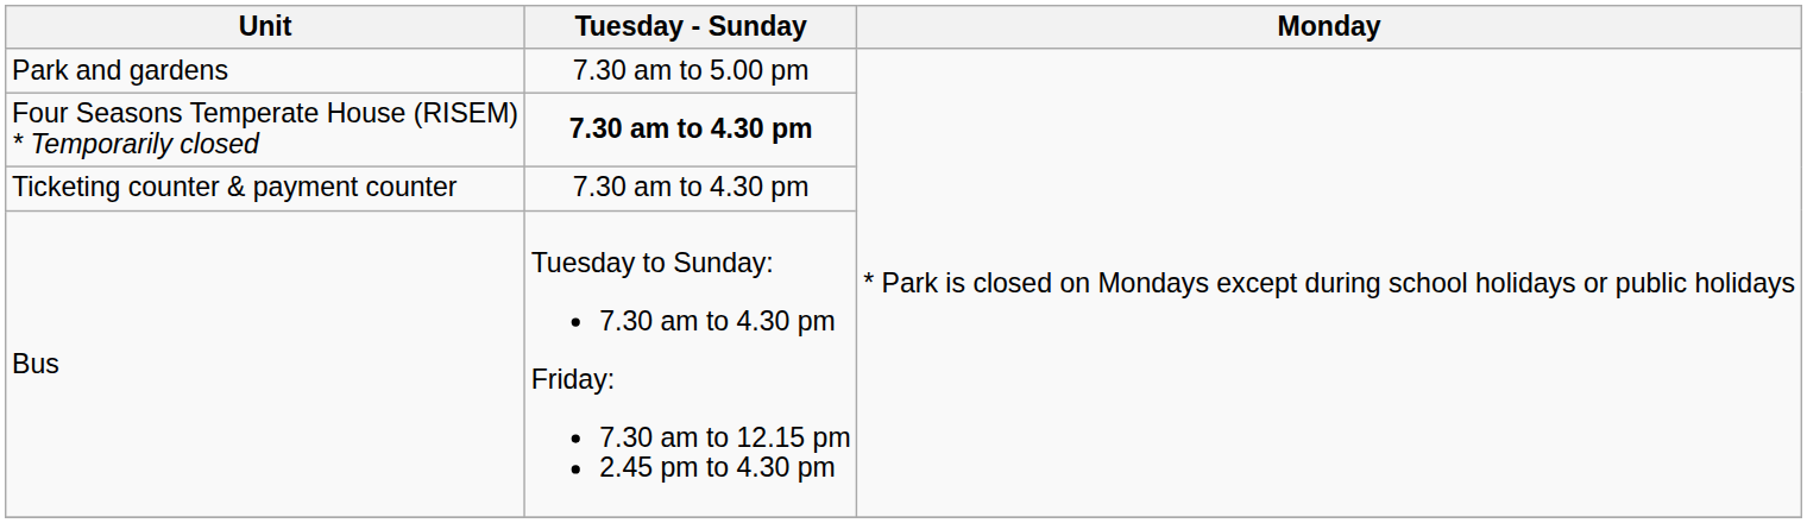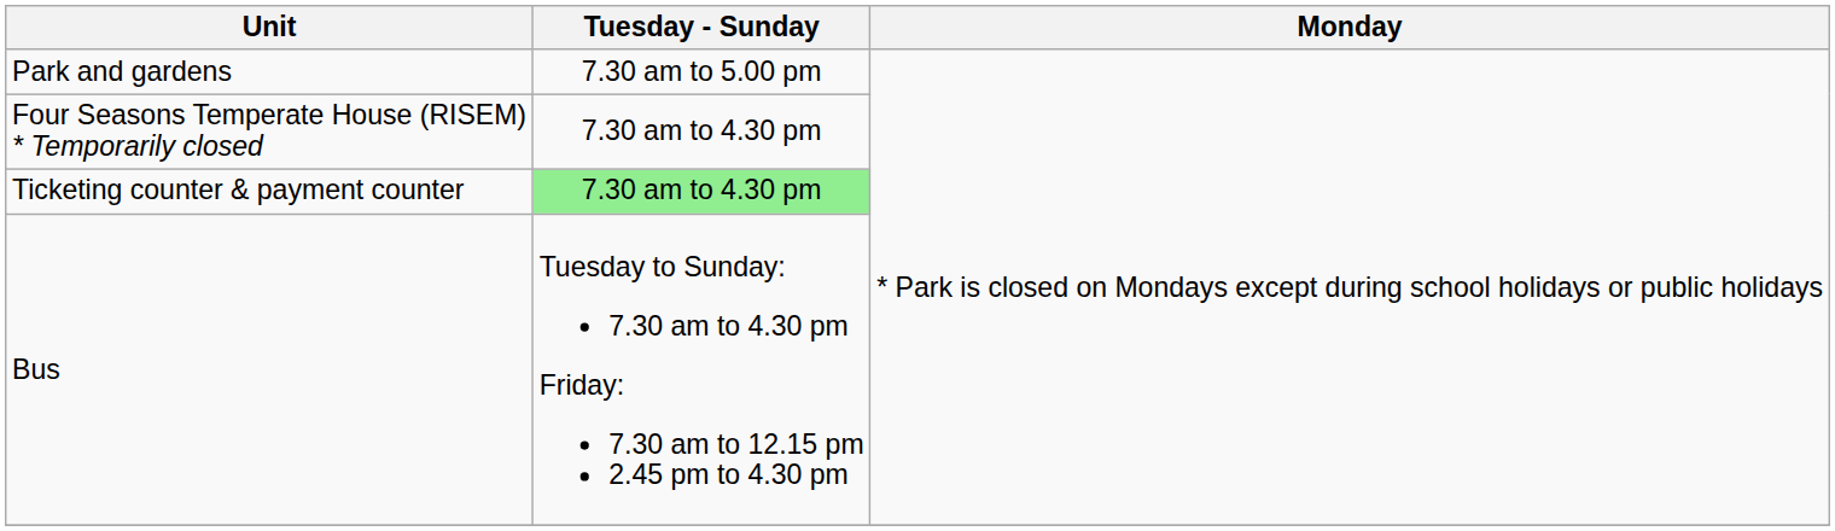 <table class="wikitable">
 <tr>
 <th>Unit</th>
 <th>Tuesday - Sunday</th>
 <th>Monday</th>
 </tr>
 <tr>
 <td>Park and gardens</td>
 <td align="center">7.30 am to 5.00 pm</td>
 <td rowspan="4">* Park is closed on Mondays except during school holidays or public holidays</td>
 </tr>
 <tr>
 <td>Four Seasons Temperate House (RISEM) <br> <em>* Temporarily closed</em></td>
-<td align="center"><strong>7.30 am to 4.30 pm</strong></td>
+<td align="center">7.30 am to 4.30 pm</td>
 </tr>
 <tr>
 <td>Ticketing counter & payment counter</td>
-<td align="center">7.30 am to 4.30 pm</td>
+<td align="center" style="background: lightgreen;">7.30 am to 4.30 pm</td>
 </tr>
 <tr>
 <td>Bus</td>
 <td><br>Tuesday to Sunday:<ul><li>7.30 am to 4.30 pm</li></ul>Friday:<ul><li>7.30 am to 12.15 pm</li><li>2.45 pm to 4.30 pm</li></ul></td>
 </tr>
 <tr>
 </tr>
 </table>
